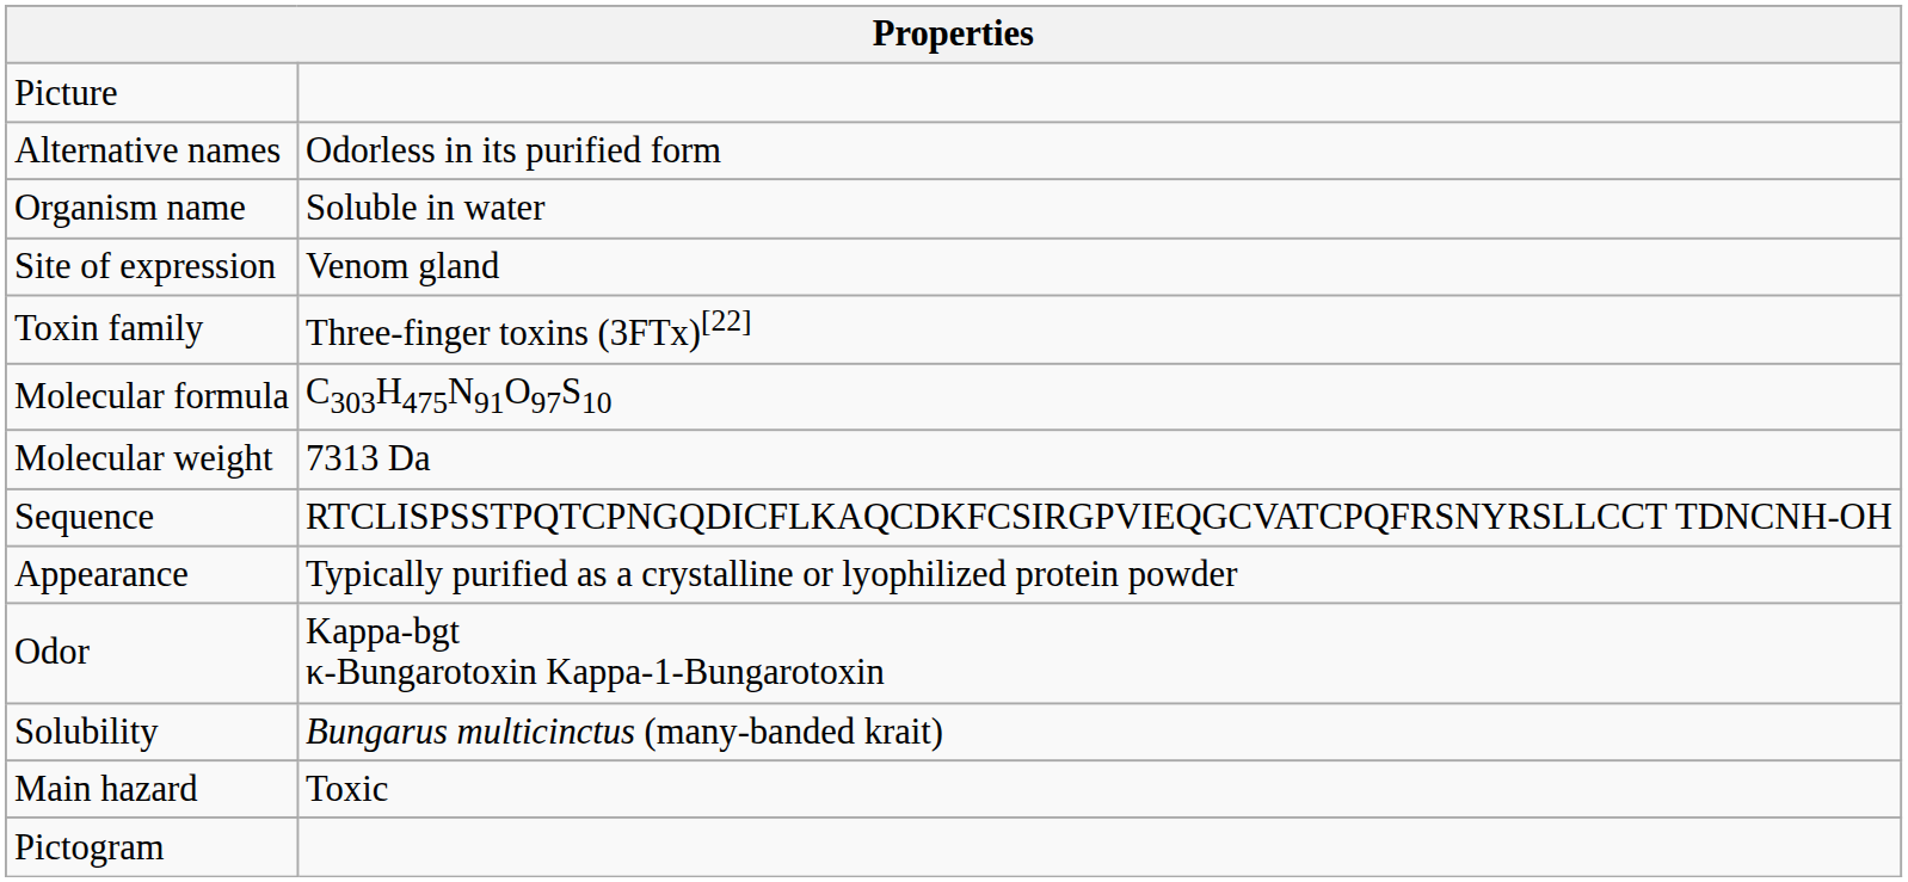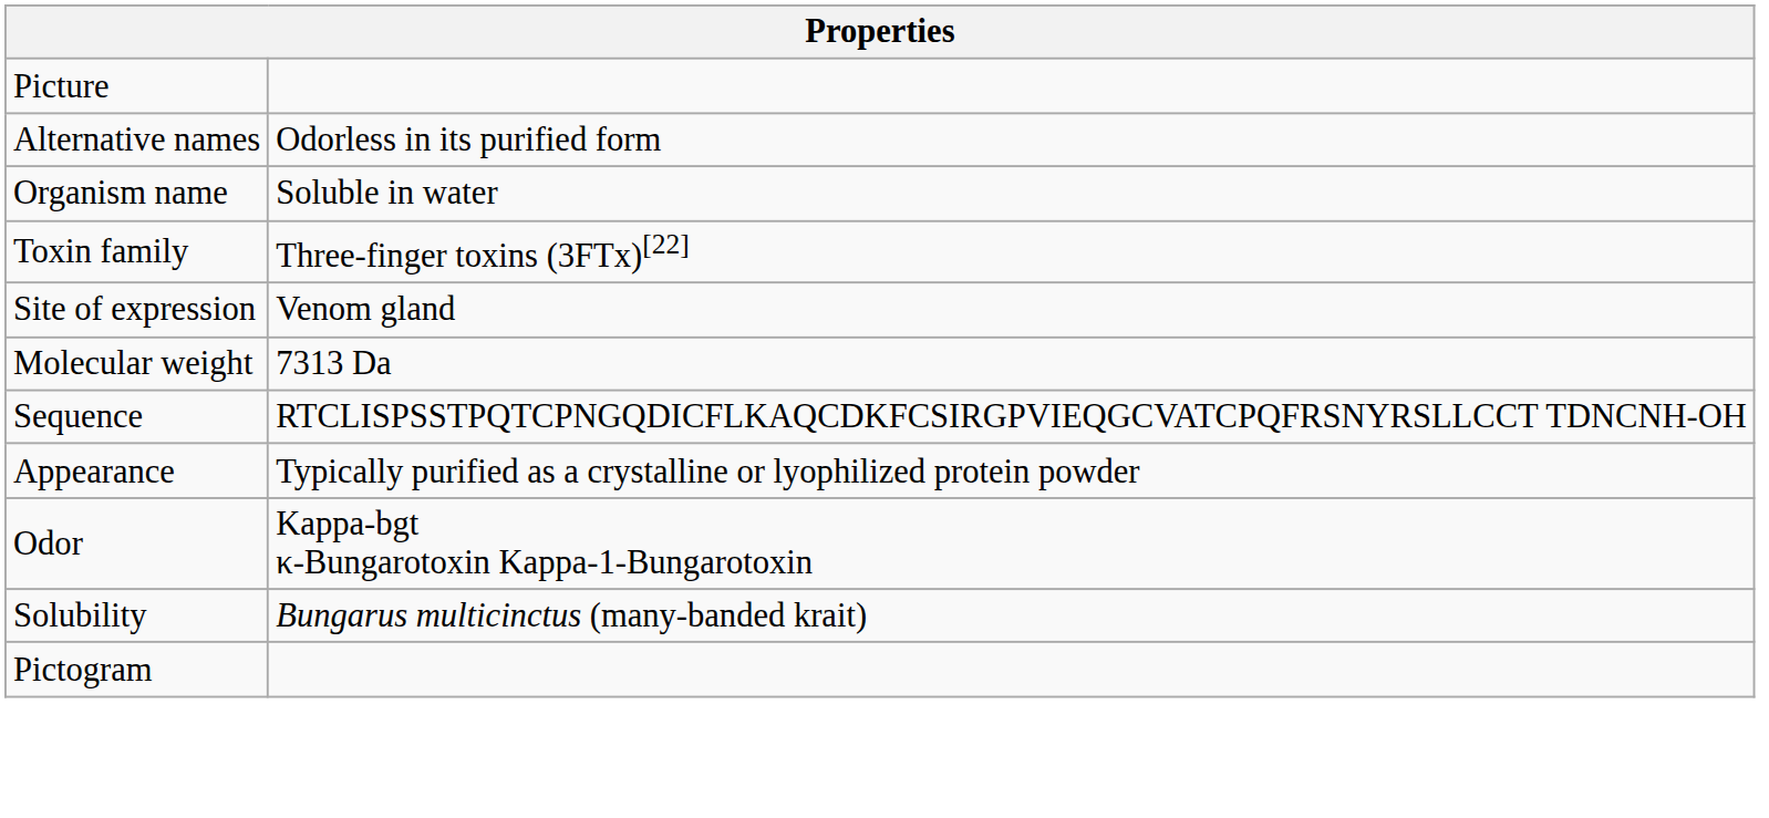 <table class="wikitable">
 <tr>
 <th colspan="2">Properties</th>
 </tr>
 <tr>
 <td>Picture</td>
 <td></td>
 </tr>
 <tr>
 <td>Alternative names</td>
 <td>Odorless in its purified form</td>
 </tr>
 <tr>
 <td>Organism name</td>
 <td>Soluble in water</td>
 </tr>
 <tr>
-<td>Site of expression</td>
-<td>Venom gland</td>
-</tr>
-<tr>
 <td>Toxin family</td>
 <td>Three-finger toxins (3FTx)<sup>[22]</sup></td>
 </tr>
 <tr>
-<td>Molecular formula</td>
-<td>C<sub>303</sub>H<sub>475</sub>N<sub>91</sub>O<sub>97</sub>S<sub>10</sub></td>
+<td>Site of expression</td>
+<td>Venom gland</td>
 </tr>
 <tr>
 <td>Molecular weight</td>
 <td>7313 Da</td>
 </tr>
 <tr>
 <td>Sequence</td>
 <td>RTCLISPSSTPQTCPNGQDICFLKAQCDKFCSIRGPVIEQGCVATCPQFRSNYRSLLCCT TDNCNH-OH</td>
 </tr>
 <tr>
 <td>Appearance</td>
 <td>Typically purified as a crystalline or lyophilized protein powder</td>
 </tr>
 <tr>
 <td>Odor</td>
 <td>Kappa-bgt<br>κ-Bungarotoxin Kappa-1-Bungarotoxin</td>
 </tr>
 <tr>
 <td>Solubility</td>
 <td><em>Bungarus multicinctus</em> (many-banded krait)</td>
 </tr>
 <tr>
-<td>Main hazard</td>
-<td>Toxic</td>
-</tr>
-<tr>
 <td>Pictogram</td>
 <td></td>
 </tr>
 </table>
